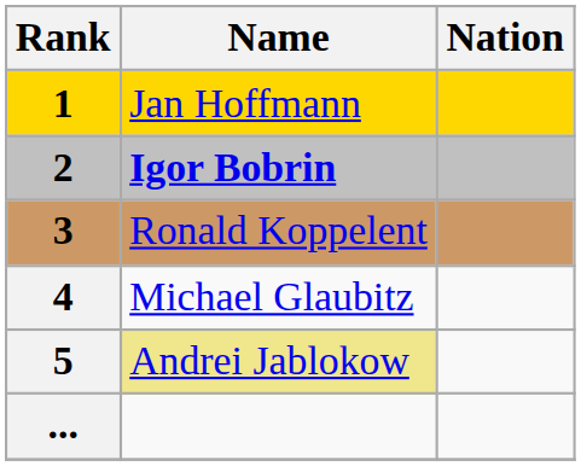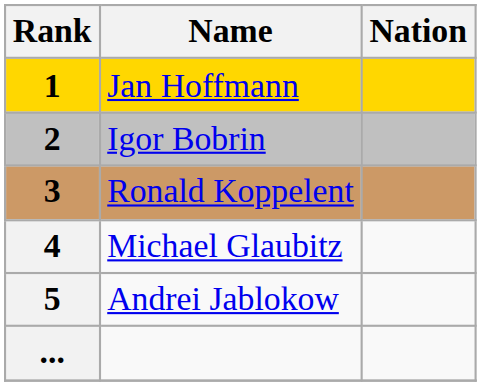 <table class="wikitable">
 <tr>
 <th>Rank</th>
 <th>Name</th>
 <th>Nation</th>
 </tr>
 <tr bgcolor="gold">
 <td align="center"><strong>1</strong></td>
 <td><a href='#'>Jan Hoffmann</a></td>
 <td></td>
 </tr>
 <tr bgcolor="silver">
 <td align="center"><strong>2</strong></td>
-<td><strong><a href='#'>Igor Bobrin</a></strong></td>
+<td><a href='#'>Igor Bobrin</a></td>
 <td></td>
 </tr>
 <tr bgcolor="cc9966">
 <td align="center"><strong>3</strong></td>
 <td><a href='#'>Ronald Koppelent</a></td>
 <td></td>
 </tr>
 <tr>
 <th>4</th>
 <td><a href='#'>Michael Glaubitz</a></td>
 <td></td>
 </tr>
 <tr>
 <th>5</th>
-<td style="background: khaki;"><a href='#'>Andrei Jablokow</a></td>
+<td><a href='#'>Andrei Jablokow</a></td>
 <td></td>
 </tr>
 <tr>
 <th>...</th>
 <td></td>
 <td></td>
 </tr>
 <tr>
 </tr>
 </table>
